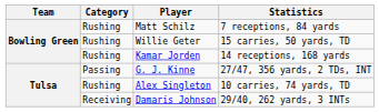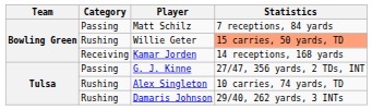 <table class="wikitable" style="float:right">
 <tr>
 <th>Team</th>
 <th>Category</th>
 <th>Player</th>
 <th>Statistics</th>
 </tr>
 <tr>
 <th rowspan=3>Bowling Green</th>
-<td>Rushing</td>
+<td>Passing</td>
 <td>Matt Schilz</td>
 <td>7 receptions, 84 yards</td>
 </tr>
 <tr>
 <td>Rushing</td>
 <td>Willie Geter</td>
-<td>15 carries, 50 yards, TD</td>
+<td style="background: lightsalmon;">15 carries, 50 yards, TD</td>
 </tr>
 <tr>
-<td>Rushing</td>
+<td>Receiving</td>
 <td><a href='#'>Kamar Jorden</a></td>
 <td>14 receptions, 168 yards</td>
 </tr>
 <tr>
 <th rowspan=3>Tulsa</th>
 <td>Passing</td>
 <td><a href='#'>G. J. Kinne</a></td>
 <td>27/47, 356 yards, 2 TDs, INT</td>
 </tr>
 <tr>
 <td>Rushing</td>
 <td><a href='#'>Alex Singleton</a></td>
 <td>10 carries, 74 yards, TD</td>
 </tr>
 <tr>
-<td>Receiving</td>
+<td>Rushing</td>
 <td><a href='#'>Damaris Johnson</a></td>
 <td>29/40, 262 yards, 3 INTs</td>
 </tr>
 </table>
